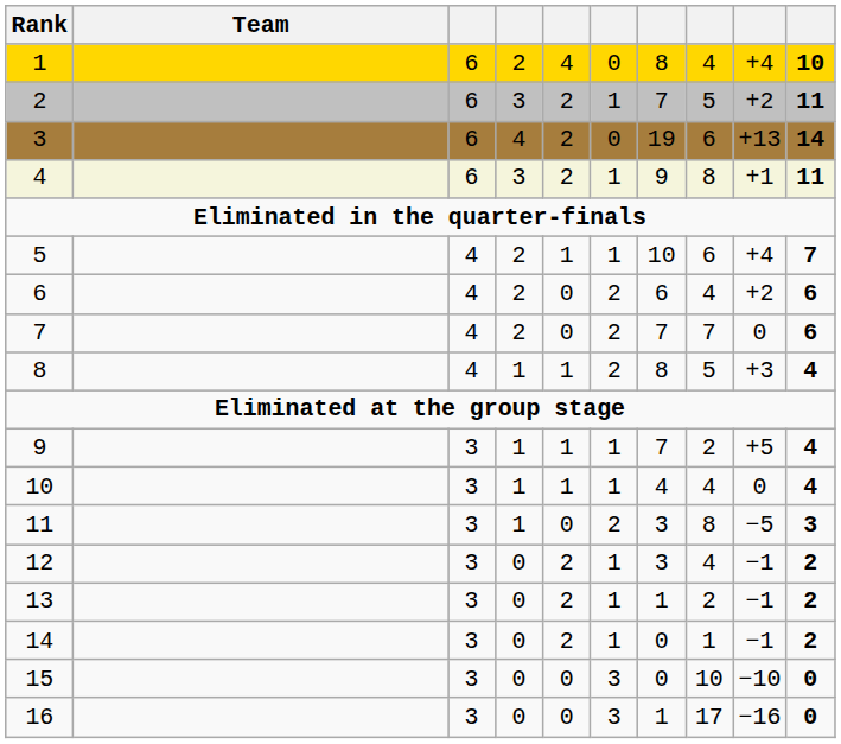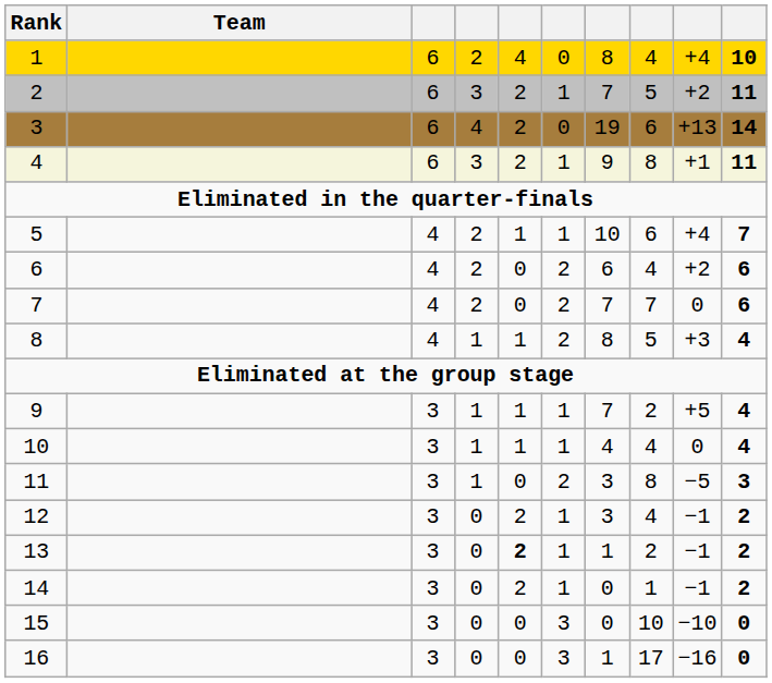 <table class="wikitable" style="text-align:center">
 <tr>
 <th width=20>Rank</th>
 <th width=200>Team</th>
 <th width="20"></th>
 <th width="20"></th>
 <th width="20"></th>
 <th width="20"></th>
 <th width="20"></th>
 <th width="20"></th>
 <th width="20"></th>
 <th width="20"></th>
 </tr>
 <tr style="background:gold;">
 <td>1</td>
 <td style="text-align:left;"></td>
 <td>6</td>
 <td>2</td>
 <td>4</td>
 <td>0</td>
 <td>8</td>
 <td>4</td>
 <td>+4</td>
 <td><strong>10</strong></td>
 </tr>
 <tr style="background:silver;">
 <td>2</td>
 <td style="text-align:left;"></td>
 <td>6</td>
 <td>3</td>
 <td>2</td>
 <td>1</td>
 <td>7</td>
 <td>5</td>
 <td>+2</td>
 <td><strong>11</strong></td>
 </tr>
 <tr style="background:#a67d3d;">
 <td>3</td>
 <td style="text-align:left;"></td>
 <td>6</td>
 <td>4</td>
 <td>2</td>
 <td>0</td>
 <td>19</td>
 <td>6</td>
 <td>+13</td>
 <td><strong>14</strong></td>
 </tr>
 <tr style="background:beige;">
 <td>4</td>
 <td style="text-align:left;"></td>
 <td>6</td>
 <td>3</td>
 <td>2</td>
 <td>1</td>
 <td>9</td>
 <td>8</td>
 <td>+1</td>
 <td><strong>11</strong></td>
 </tr>
 <tr>
 <td colspan="11"><strong>Eliminated in the quarter-finals</strong></td>
 </tr>
 <tr>
 <td>5</td>
 <td style="text-align:left;"></td>
 <td>4</td>
 <td>2</td>
 <td>1</td>
 <td>1</td>
 <td>10</td>
 <td>6</td>
 <td>+4</td>
 <td><strong>7</strong></td>
 </tr>
 <tr>
 <td>6</td>
 <td style="text-align:left;"></td>
 <td>4</td>
 <td>2</td>
 <td>0</td>
 <td>2</td>
 <td>6</td>
 <td>4</td>
 <td>+2</td>
 <td><strong>6</strong></td>
 </tr>
 <tr>
 <td>7</td>
 <td style="text-align:left;"></td>
 <td>4</td>
 <td>2</td>
 <td>0</td>
 <td>2</td>
 <td>7</td>
 <td>7</td>
 <td>0</td>
 <td><strong>6</strong></td>
 </tr>
 <tr>
 <td>8</td>
 <td style="text-align:left;"></td>
 <td>4</td>
 <td>1</td>
 <td>1</td>
 <td>2</td>
 <td>8</td>
 <td>5</td>
 <td>+3</td>
 <td><strong>4</strong></td>
 </tr>
 <tr>
 <td colspan="11"><strong>Eliminated at the group stage</strong></td>
 </tr>
 <tr>
 <td>9</td>
 <td style="text-align:left;"></td>
 <td>3</td>
 <td>1</td>
 <td>1</td>
 <td>1</td>
 <td>7</td>
 <td>2</td>
 <td>+5</td>
 <td><strong>4</strong></td>
 </tr>
 <tr>
 <td>10</td>
 <td style="text-align:left;"></td>
 <td>3</td>
 <td>1</td>
 <td>1</td>
 <td>1</td>
 <td>4</td>
 <td>4</td>
 <td>0</td>
 <td><strong>4</strong></td>
 </tr>
 <tr>
 <td>11</td>
 <td style="text-align:left;"></td>
 <td>3</td>
 <td>1</td>
 <td>0</td>
 <td>2</td>
 <td>3</td>
 <td>8</td>
 <td>−5</td>
 <td><strong>3</strong></td>
 </tr>
 <tr>
 <td>12</td>
 <td style="text-align:left;"></td>
 <td>3</td>
 <td>0</td>
 <td>2</td>
 <td>1</td>
 <td>3</td>
 <td>4</td>
 <td>−1</td>
 <td><strong>2</strong></td>
 </tr>
 <tr>
 <td>13</td>
 <td style="text-align:left;"></td>
 <td>3</td>
 <td>0</td>
-<td>2</td>
+<td><strong>2</strong></td>
 <td>1</td>
 <td>1</td>
 <td>2</td>
 <td>−1</td>
 <td><strong>2</strong></td>
 </tr>
 <tr>
 <td>14</td>
 <td style="text-align:left;"></td>
 <td>3</td>
 <td>0</td>
 <td>2</td>
 <td>1</td>
 <td>0</td>
 <td>1</td>
 <td>−1</td>
 <td><strong>2</strong></td>
 </tr>
 <tr>
 <td>15</td>
 <td style="text-align:left;"></td>
 <td>3</td>
 <td>0</td>
 <td>0</td>
 <td>3</td>
 <td>0</td>
 <td>10</td>
 <td>−10</td>
 <td><strong>0</strong></td>
 </tr>
 <tr>
 <td>16</td>
 <td style="text-align:left;"></td>
 <td>3</td>
 <td>0</td>
 <td>0</td>
 <td>3</td>
 <td>1</td>
 <td>17</td>
 <td>−16</td>
 <td><strong>0</strong></td>
 </tr>
 </table>
